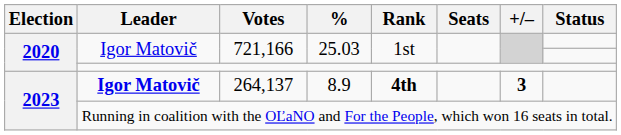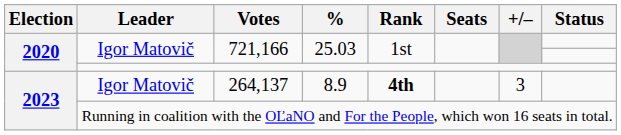 <table class=wikitable style=text-align:center>
 <tr>
 <th>Election</th>
 <th>Leader</th>
 <th>Votes</th>
 <th>%</th>
 <th>Rank</th>
 <th>Seats</th>
 <th>+/–</th>
 <th>Status</th>
 </tr>
 <tr>
 <th rowspan="3"><a href='#'>2020</a></th>
 <td rowspan="2"><a href='#'>Igor Matovič</a></td>
 <td rowspan="2">721,166</td>
 <td rowspan="2">25.03</td>
 <td rowspan="2">1st</td>
 <td rowspan="2"></td>
 <td rowspan="2" bgcolor="lightgrey"></td>
 <td> </td>
 </tr>
 <tr>
 <td> </td>
 </tr>
 <tr>
 <td colspan="7" align="left"></td>
 </tr>
 <tr>
 <th rowspan="2"><a href='#'>2023</a></th>
-<td><strong><a href='#'>Igor Matovič</a></strong></td>
+<td><a href='#'>Igor Matovič</a></td>
 <td>264,137</td>
 <td>8.9</td>
 <td><strong>4th</strong></td>
 <td></td>
-<td><strong> 3</strong></td>
+<td> 3</td>
 <td></td>
 </tr>
 <tr>
 <td colspan="7" align=left><small>Running in coalition with the <a href='#'>OĽaNO</a> and <a href='#'>For the People</a>, which won 16 seats in total.</small></td>
 </tr>
 </table>
